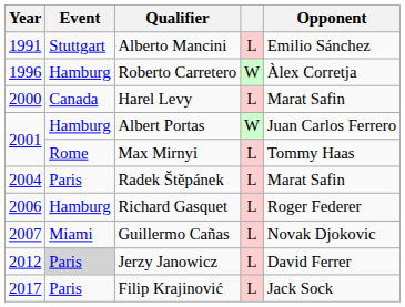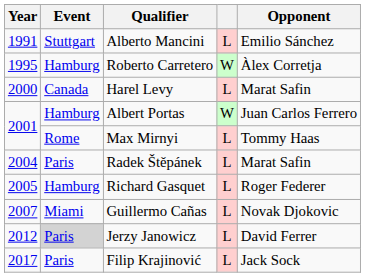 <table class="wikitable nowrap" style="font-size: 95%">
 <tr>
 <th scope="col">Year</th>
 <th scope="col">Event</th>
 <th scope="col">Qualifier</th>
 <th scope="col"></th>
 <th scope="col">Opponent</th>
 </tr>
 <tr>
 <td><a href='#'>1991</a></td>
 <td><a href='#'>Stuttgart</a></td>
 <td> Alberto Mancini</td>
 <td style="text-align:center; background: #FFCFCF">L</td>
 <td> Emilio Sánchez</td>
 </tr>
 <tr>
-<td><a href='#'>1996</a></td>
+<td><a href='#'>1995</a></td>
 <td><a href='#'>Hamburg</a></td>
 <td> Roberto Carretero</td>
 <td style="text-align:center; background:#CCFFCC">W</td>
 <td> Àlex Corretja</td>
 </tr>
 <tr>
 <td><a href='#'>2000</a></td>
 <td><a href='#'>Canada</a></td>
 <td> Harel Levy</td>
 <td style="text-align:center; background: #FFCFCF">L</td>
 <td> Marat Safin</td>
 </tr>
 <tr>
 <td rowspan="2"><a href='#'>2001</a></td>
 <td><a href='#'>Hamburg</a></td>
 <td> Albert Portas</td>
 <td style="text-align:center; background:#CCFFCC">W</td>
 <td> Juan Carlos Ferrero</td>
 </tr>
 <tr>
 <td><a href='#'>Rome</a></td>
 <td> Max Mirnyi</td>
 <td style="text-align:center; background: #FFCFCF">L</td>
 <td> Tommy Haas</td>
 </tr>
 <tr>
 <td><a href='#'>2004</a></td>
 <td><a href='#'>Paris</a></td>
 <td> Radek Štěpánek</td>
 <td style="text-align:center; background: #FFCFCF">L</td>
 <td> Marat Safin</td>
 </tr>
 <tr>
-<td><a href='#'>2006</a></td>
+<td><a href='#'>2005</a></td>
 <td><a href='#'>Hamburg</a></td>
 <td> Richard Gasquet</td>
 <td style="text-align:center; background: #FFCFCF">L</td>
 <td> Roger Federer</td>
 </tr>
 <tr>
 <td><a href='#'>2007</a></td>
 <td><a href='#'>Miami</a></td>
 <td> Guillermo Cañas</td>
 <td style="text-align:center; background: #FFCFCF">L</td>
 <td> Novak Djokovic</td>
 </tr>
 <tr>
 <td><a href='#'>2012</a></td>
 <td style="background: lightgrey;"><a href='#'>Paris</a></td>
 <td> Jerzy Janowicz</td>
 <td style="text-align:center; background: #FFCFCF">L</td>
 <td> David Ferrer</td>
 </tr>
 <tr>
 <td><a href='#'>2017</a></td>
 <td><a href='#'>Paris</a></td>
 <td> Filip Krajinović</td>
 <td style="text-align:center; background: #FFCFCF">L</td>
 <td> Jack Sock</td>
 </tr>
 </table>
